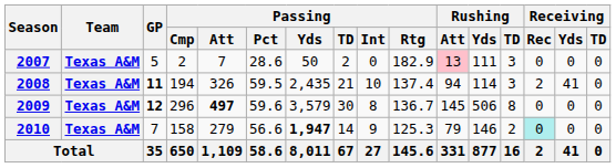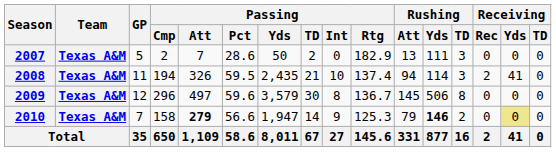 <table class="wikitable" style="text-align:center;">
 <tr>
 <th rowspan="2">Season</th>
 <th rowspan="2">Team</th>
 <th rowspan="2">GP</th>
 <th colspan="7">Passing</th>
 <th colspan="3">Rushing</th>
 <th colspan="3">Receiving</th>
 </tr>
 <tr>
 <th>Cmp</th>
 <th>Att</th>
 <th>Pct</th>
 <th>Yds</th>
 <th>TD</th>
 <th>Int</th>
 <th>Rtg</th>
 <th>Att</th>
 <th>Yds</th>
 <th>TD</th>
 <th>Rec</th>
 <th>Yds</th>
 <th>TD</th>
 </tr>
 <tr>
 <th><a href='#'>2007</a></th>
 <th><a href='#'>Texas A&M</a></th>
 <td>5</td>
 <td>2</td>
 <td>7</td>
 <td>28.6</td>
 <td>50</td>
 <td>2</td>
 <td>0</td>
 <td>182.9</td>
-<td style="background: pink;">13</td>
+<td>13</td>
 <td>111</td>
 <td>3</td>
 <td>0</td>
 <td>0</td>
 <td>0</td>
 </tr>
 <tr>
 <th><a href='#'>2008</a></th>
 <th><a href='#'>Texas A&M</a></th>
-<td><strong>11</strong></td>
+<td>11</td>
 <td>194</td>
 <td>326</td>
 <td>59.5</td>
 <td>2,435</td>
 <td>21</td>
 <td>10</td>
 <td>137.4</td>
 <td>94</td>
 <td>114</td>
 <td>3</td>
 <td>2</td>
 <td>41</td>
 <td>0</td>
 </tr>
 <tr>
 <th><a href='#'>2009</a></th>
 <th><a href='#'>Texas A&M</a></th>
-<td><strong>12</strong></td>
+<td>12</td>
 <td>296</td>
-<td><strong>497</strong></td>
+<td>497</td>
 <td>59.6</td>
 <td>3,579</td>
 <td>30</td>
 <td>8</td>
 <td>136.7</td>
 <td>145</td>
 <td>506</td>
 <td>8</td>
 <td>0</td>
 <td>0</td>
 <td>0</td>
 </tr>
 <tr>
 <th><a href='#'>2010</a></th>
 <th><a href='#'>Texas A&M</a></th>
 <td>7</td>
 <td>158</td>
-<td>279</td>
+<td><strong>279</strong></td>
 <td>56.6</td>
-<td><strong>1,947</strong></td>
+<td>1,947</td>
 <td>14</td>
 <td>9</td>
 <td>125.3</td>
 <td>79</td>
-<td>146</td>
+<td><strong>146</strong></td>
 <td>2</td>
-<td style="background: paleturquoise;">0</td>
 <td>0</td>
+<td style="background: khaki;">0</td>
 <td>0</td>
 </tr>
 <tr>
 <th colspan="2">Total</th>
 <th>35</th>
 <th>650</th>
 <th>1,109</th>
 <th>58.6</th>
 <th>8,011</th>
 <th>67</th>
 <th>27</th>
 <th>145.6</th>
 <th>331</th>
 <th>877</th>
 <th>16</th>
 <th>2</th>
 <th>41</th>
 <th>0</th>
 </tr>
 </table>
